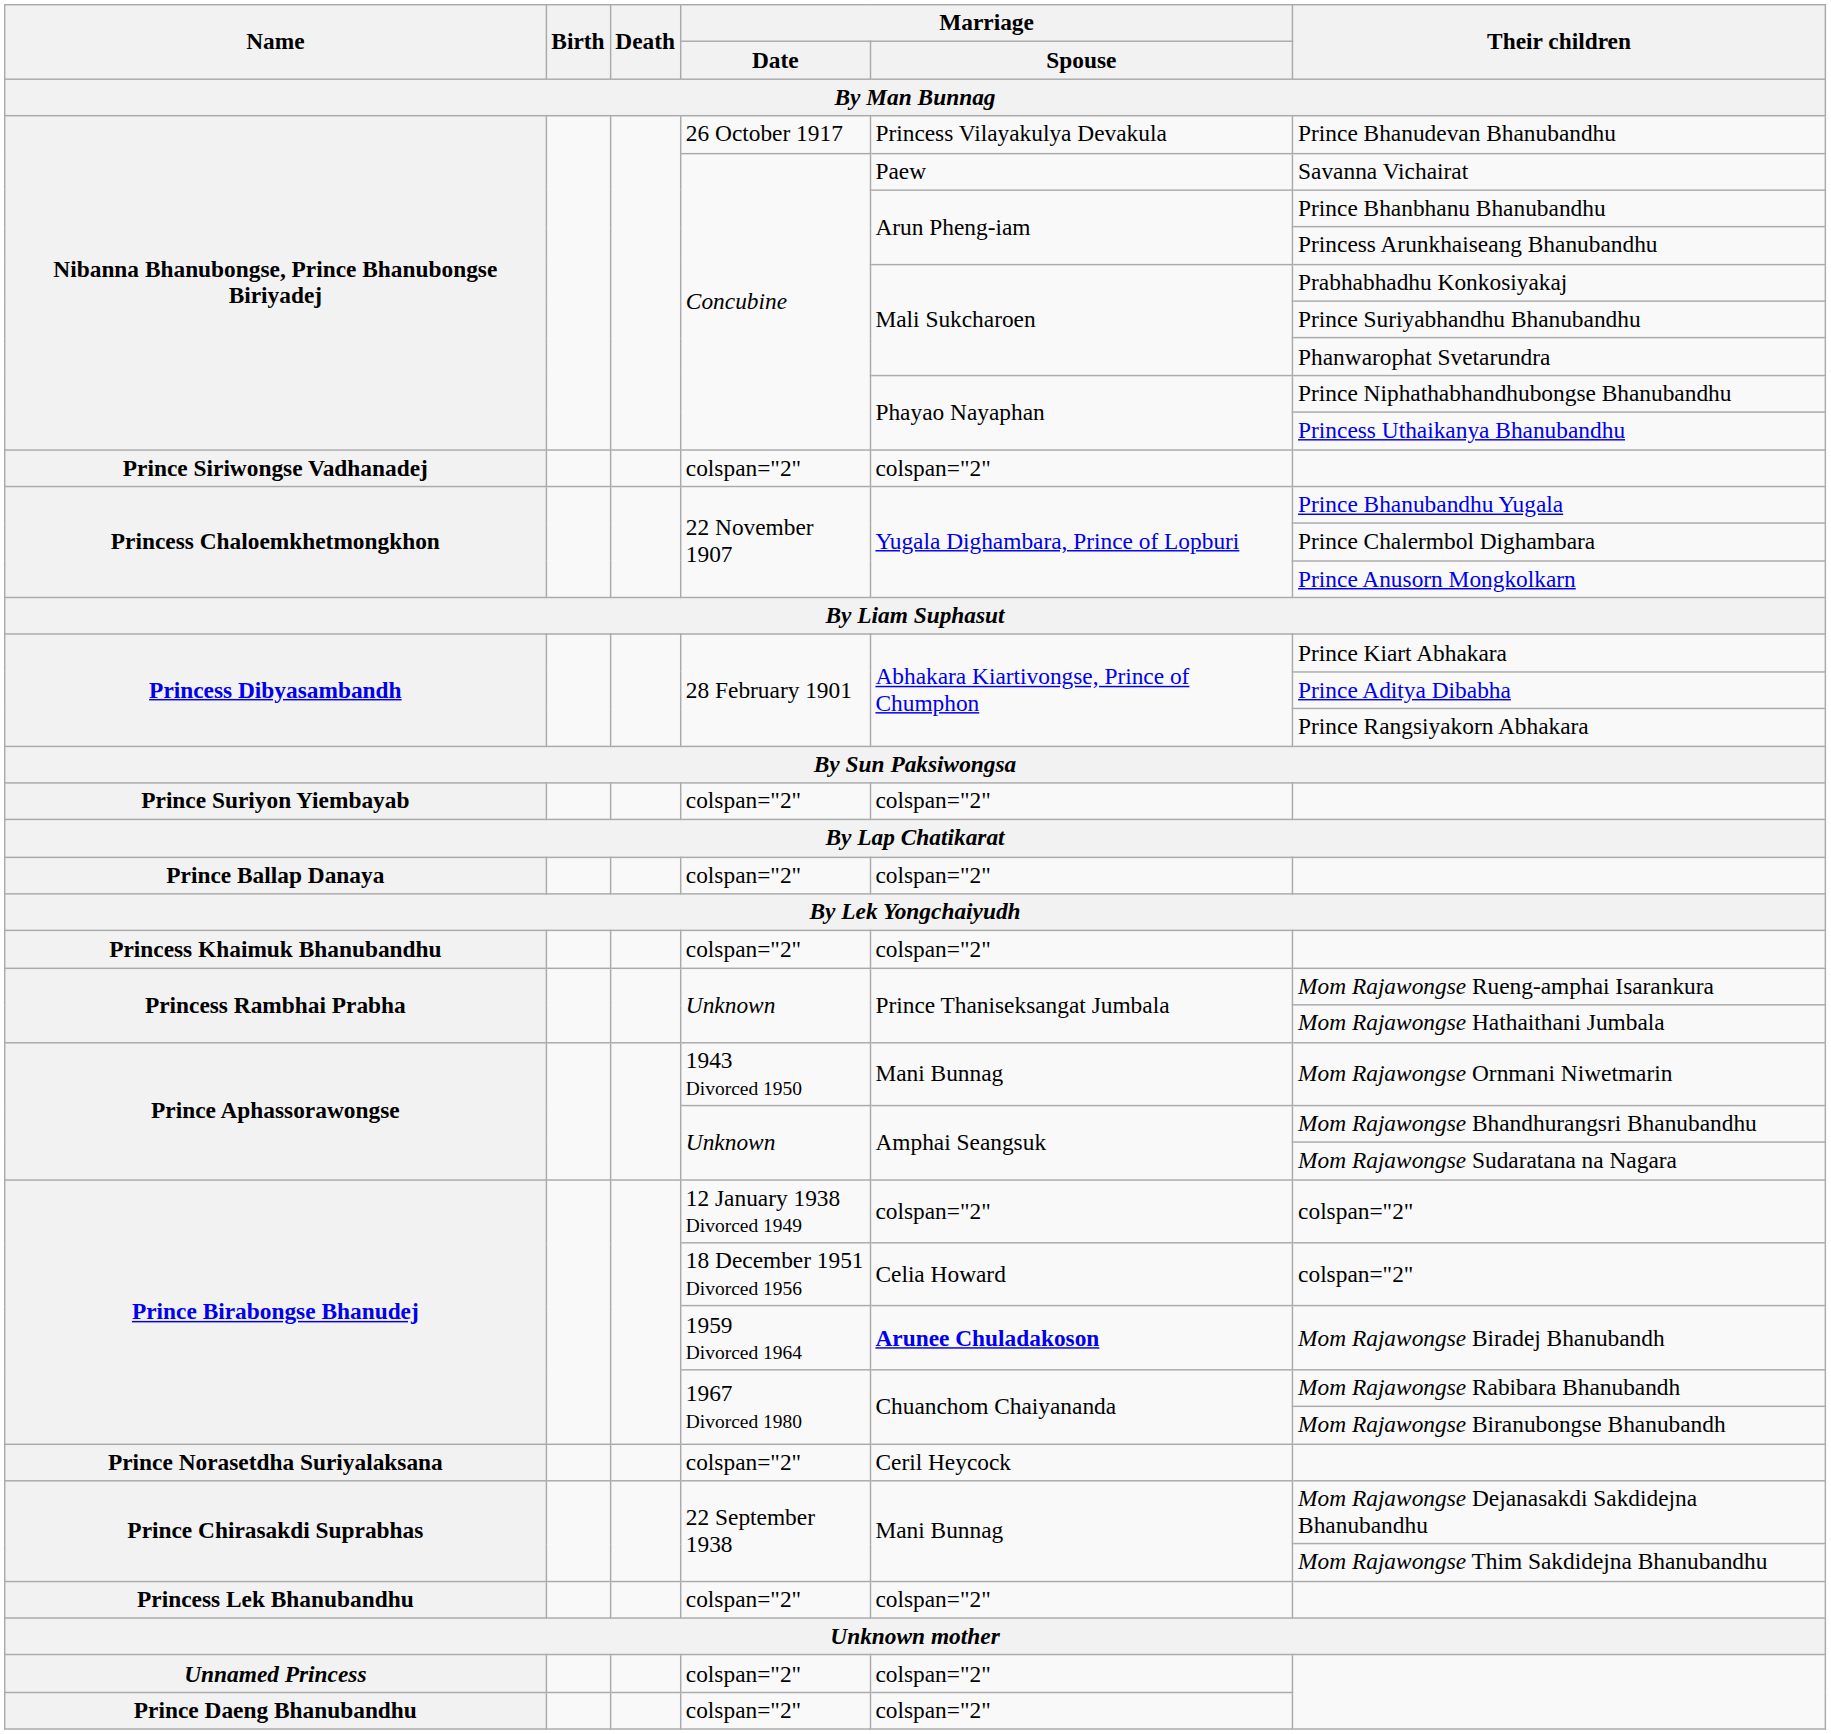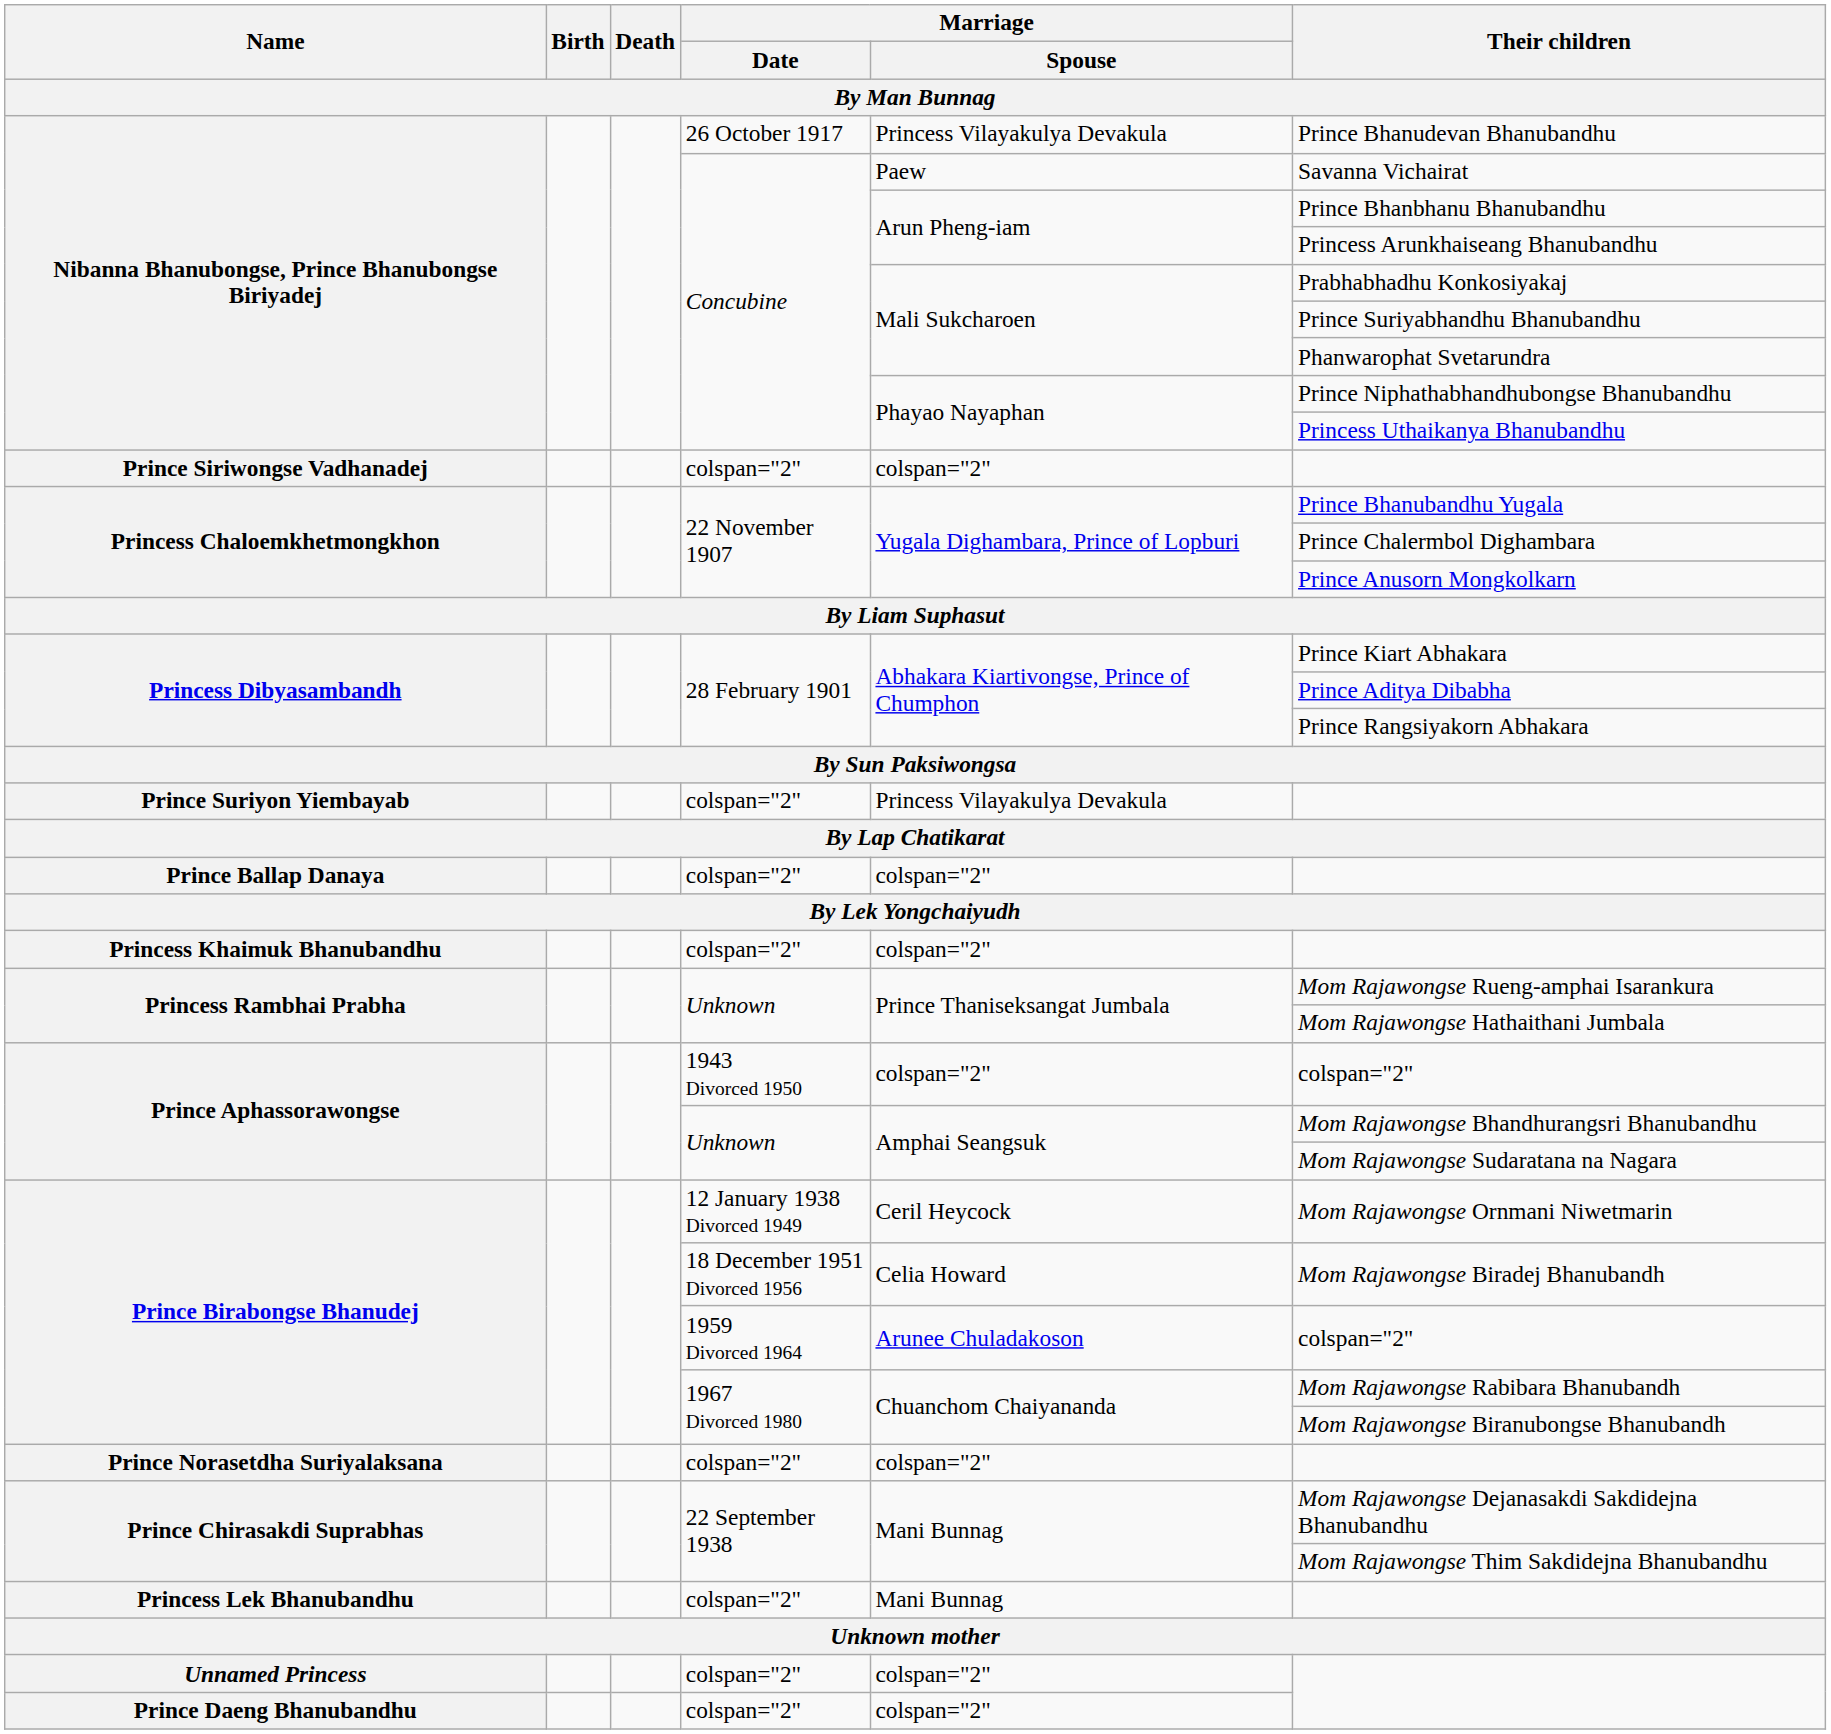 <table class="wikitable plainrowheaders">
 <tr>
 <th rowspan="2" scope="col">Name</th>
 <th rowspan="2" scope="col">Birth</th>
 <th rowspan="2" scope="col">Death</th>
 <th colspan="2" scope="col">Marriage</th>
 <th rowspan="2" scope="col">Their children</th>
 </tr>
 <tr>
 <th scope="col">Date</th>
 <th scope="col">Spouse</th>
 </tr>
 <tr>
 <th colspan="6"><em>By Man Bunnag</em></th>
 </tr>
 <tr>
 <th rowspan="9" scope="row">Nibanna Bhanubongse, Prince Bhanubongse Biriyadej</th>
 <td rowspan="9"></td>
 <td rowspan="9"></td>
 <td>26 October 1917</td>
 <td>Princess Vilayakulya Devakula</td>
 <td>Prince Bhanudevan Bhanubandhu</td>
 </tr>
 <tr>
 <td rowspan="8"><em>Concubine</em></td>
 <td>Paew</td>
 <td>Savanna Vichairat</td>
 </tr>
 <tr>
 <td rowspan="2">Arun Pheng-iam</td>
 <td>Prince Bhanbhanu Bhanubandhu</td>
 </tr>
 <tr>
 <td>Princess Arunkhaiseang Bhanubandhu</td>
 </tr>
 <tr>
 <td rowspan="3">Mali Sukcharoen</td>
 <td>Prabhabhadhu Konkosiyakaj</td>
 </tr>
 <tr>
 <td>Prince Suriyabhandhu Bhanubandhu</td>
 </tr>
 <tr>
 <td>Phanwarophat Svetarundra</td>
 </tr>
 <tr>
 <td rowspan="2">Phayao Nayaphan</td>
 <td>Prince Niphathabhandhubongse Bhanubandhu</td>
 </tr>
 <tr>
 <td><a href='#'>Princess Uthaikanya Bhanubandhu</a></td>
 </tr>
 <tr>
 <th scope="row">Prince Siriwongse Vadhanadej</th>
 <td></td>
 <td></td>
 <td>colspan="2" </td>
 <td>colspan="2" </td>
 </tr>
 <tr>
 <th rowspan="3" scope="row">Princess Chaloemkhetmongkhon</th>
 <td rowspan="3"></td>
 <td rowspan="3"></td>
 <td rowspan="3">22 November 1907</td>
 <td rowspan="3"><a href='#'>Yugala Dighambara, Prince of Lopburi</a></td>
 <td><a href='#'>Prince Bhanubandhu Yugala</a></td>
 </tr>
 <tr>
 <td>Prince Chalermbol Dighambara</td>
 </tr>
 <tr>
 <td><a href='#'>Prince Anusorn Mongkolkarn</a></td>
 </tr>
 <tr>
 <th colspan="6"><em>By Liam Suphasut</em></th>
 </tr>
 <tr>
 <th rowspan="3" scope="row"><a href='#'>Princess Dibyasambandh</a></th>
 <td rowspan="3"></td>
 <td rowspan="3"></td>
 <td rowspan="3">28 February 1901</td>
 <td rowspan="3"><a href='#'>Abhakara Kiartivongse, Prince of Chumphon</a></td>
 <td>Prince Kiart Abhakara</td>
 </tr>
 <tr>
 <td><a href='#'>Prince Aditya Dibabha</a></td>
 </tr>
 <tr>
 <td>Prince Rangsiyakorn Abhakara</td>
 </tr>
 <tr>
 <th colspan="6"><em>By Sun Paksiwongsa</em></th>
 </tr>
 <tr>
 <th scope="row">Prince Suriyon Yiembayab</th>
 <td></td>
 <td></td>
 <td>colspan="2" </td>
-<td>colspan="2" </td>
+<td>Princess Vilayakulya Devakula</td>
 </tr>
 <tr>
 <th colspan="6"><em>By Lap Chatikarat</em></th>
 </tr>
 <tr>
 <th scope="row">Prince Ballap Danaya</th>
 <td></td>
 <td></td>
 <td>colspan="2" </td>
 <td>colspan="2" </td>
 </tr>
 <tr>
 <th colspan="6"><em>By Lek Yongchaiyudh</em></th>
 </tr>
 <tr>
 <th scope="row">Princess Khaimuk Bhanubandhu</th>
 <td></td>
 <td></td>
 <td>colspan="2" </td>
 <td>colspan="2" </td>
 </tr>
 <tr>
 <th rowspan="2" scope="row">Princess Rambhai Prabha</th>
 <td rowspan="2"></td>
 <td rowspan="2"></td>
 <td rowspan="2"><em>Unknown</em></td>
 <td rowspan="2">Prince Thaniseksangat Jumbala</td>
 <td><em>Mom Rajawongse</em> Rueng-amphai Isarankura</td>
 </tr>
 <tr>
 <td><em>Mom Rajawongse</em> Hathaithani Jumbala</td>
 </tr>
 <tr>
 <th rowspan="3" scope="row">Prince Aphassorawongse</th>
 <td rowspan="3"></td>
 <td rowspan="3"></td>
 <td>1943<br><small>Divorced 1950</small></td>
-<td>Mani Bunnag</td>
-<td><em>Mom Rajawongse</em> Ornmani Niwetmarin</td>
+<td>colspan="2" </td>
+<td>colspan="2" </td>
 </tr>
 <tr>
 <td rowspan="2"><em>Unknown</em></td>
 <td rowspan="2">Amphai Seangsuk</td>
 <td><em>Mom Rajawongse</em> Bhandhurangsri Bhanubandhu</td>
 </tr>
 <tr>
 <td><em>Mom Rajawongse</em> Sudaratana na Nagara</td>
 </tr>
 <tr>
 <th rowspan="5" scope="row"><a href='#'>Prince Birabongse Bhanudej</a></th>
 <td rowspan="5"></td>
 <td rowspan="5"></td>
 <td>12 January 1938<br><small>Divorced 1949</small></td>
-<td>colspan="2" </td>
-<td>colspan="2" </td>
+<td>Ceril Heycock</td>
+<td><em>Mom Rajawongse</em> Ornmani Niwetmarin</td>
 </tr>
 <tr>
 <td>18 December 1951<br><small>Divorced 1956</small></td>
 <td>Celia Howard</td>
-<td>colspan="2" </td>
+<td><em>Mom Rajawongse</em> Biradej Bhanubandh</td>
 </tr>
 <tr>
 <td>1959<br><small>Divorced 1964</small></td>
-<td><strong><a href='#'>Arunee Chuladakoson</a></strong></td>
-<td><em>Mom Rajawongse</em> Biradej Bhanubandh</td>
+<td><a href='#'>Arunee Chuladakoson</a></td>
+<td>colspan="2" </td>
 </tr>
 <tr>
 <td rowspan="2">1967<br><small>Divorced 1980</small></td>
 <td rowspan="2">Chuanchom Chaiyananda</td>
 <td><em>Mom Rajawongse</em> Rabibara Bhanubandh</td>
 </tr>
 <tr>
 <td><em>Mom Rajawongse</em> Biranubongse Bhanubandh</td>
 </tr>
 <tr>
 <th scope="row">Prince Norasetdha Suriyalaksana</th>
 <td></td>
 <td></td>
 <td>colspan="2" </td>
-<td>Ceril Heycock</td>
+<td>colspan="2" </td>
 </tr>
 <tr>
 <th rowspan="2" scope="row">Prince Chirasakdi Suprabhas</th>
 <td rowspan="2"></td>
 <td rowspan="2"></td>
 <td rowspan="2">22 September 1938</td>
 <td rowspan="2">Mani Bunnag</td>
 <td><em>Mom Rajawongse</em> Dejanasakdi Sakdidejna Bhanubandhu</td>
 </tr>
 <tr>
 <td><em>Mom Rajawongse</em> Thim Sakdidejna Bhanubandhu</td>
 </tr>
 <tr>
 <th scope="row">Princess Lek Bhanubandhu</th>
 <td></td>
 <td></td>
 <td>colspan="2" </td>
-<td>colspan="2" </td>
+<td>Mani Bunnag</td>
 </tr>
 <tr>
 <th colspan="6"><em>Unknown mother</em></th>
 </tr>
 <tr>
 <th scope="row"><em>Unnamed Princess</em></th>
 <td></td>
 <td></td>
 <td>colspan="2" </td>
 <td>colspan="2" </td>
 </tr>
 <tr>
 <th scope="row">Prince Daeng Bhanubandhu</th>
 <td></td>
 <td></td>
 <td>colspan="2" </td>
 <td>colspan="2" </td>
 </tr>
 </table>
